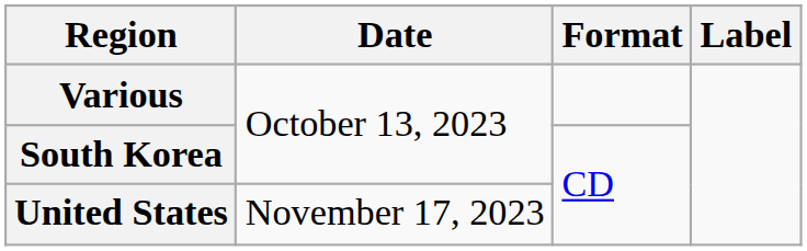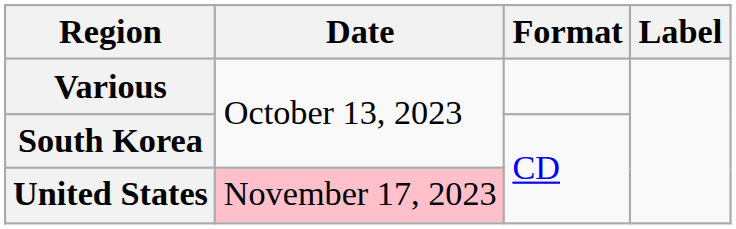 <table class="wikitable plainrowheaders">
 <tr>
 <th scope="col">Region</th>
 <th scope="col">Date</th>
 <th scope="col">Format</th>
 <th scope="col">Label</th>
 </tr>
 <tr>
 <th scope="row">Various </th>
 <td rowspan="2">October 13, 2023</td>
 <td></td>
 <td rowspan="3"></td>
 </tr>
 <tr>
 <th scope="row">South Korea</th>
 <td rowspan="2"><a href='#'>CD</a></td>
 </tr>
 <tr>
 <th scope="row">United States</th>
-<td>November 17, 2023</td>
+<td style="background: pink;">November 17, 2023</td>
 </tr>
 </table>
